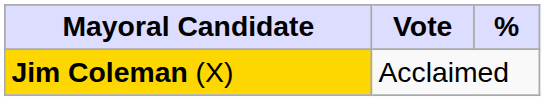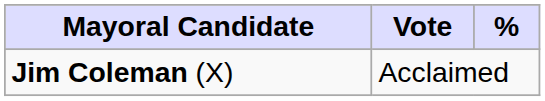 <table class="wikitable">
 <tr>
 <th style="background:#ddf; width:200px;">Mayoral Candidate</th>
 <th style="background:#ddf; width:50px;">Vote</th>
 <th style="background:#ddf; width:30px;">%</th>
 </tr>
 <tr>
-<td style="background: gold;"><strong>Jim Coleman</strong> (X)</td>
+<td><strong>Jim Coleman</strong> (X)</td>
 <td colspan="2">Acclaimed</td>
 </tr>
 </table>
